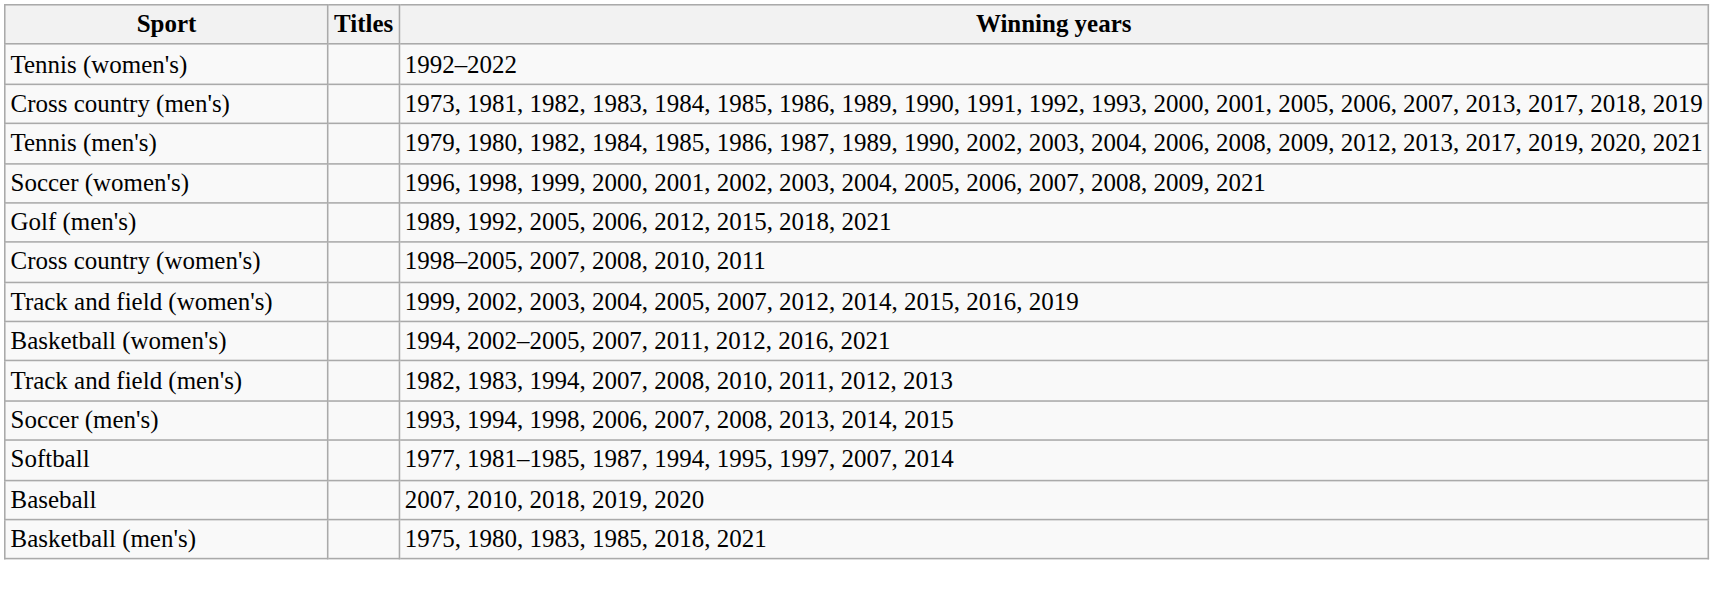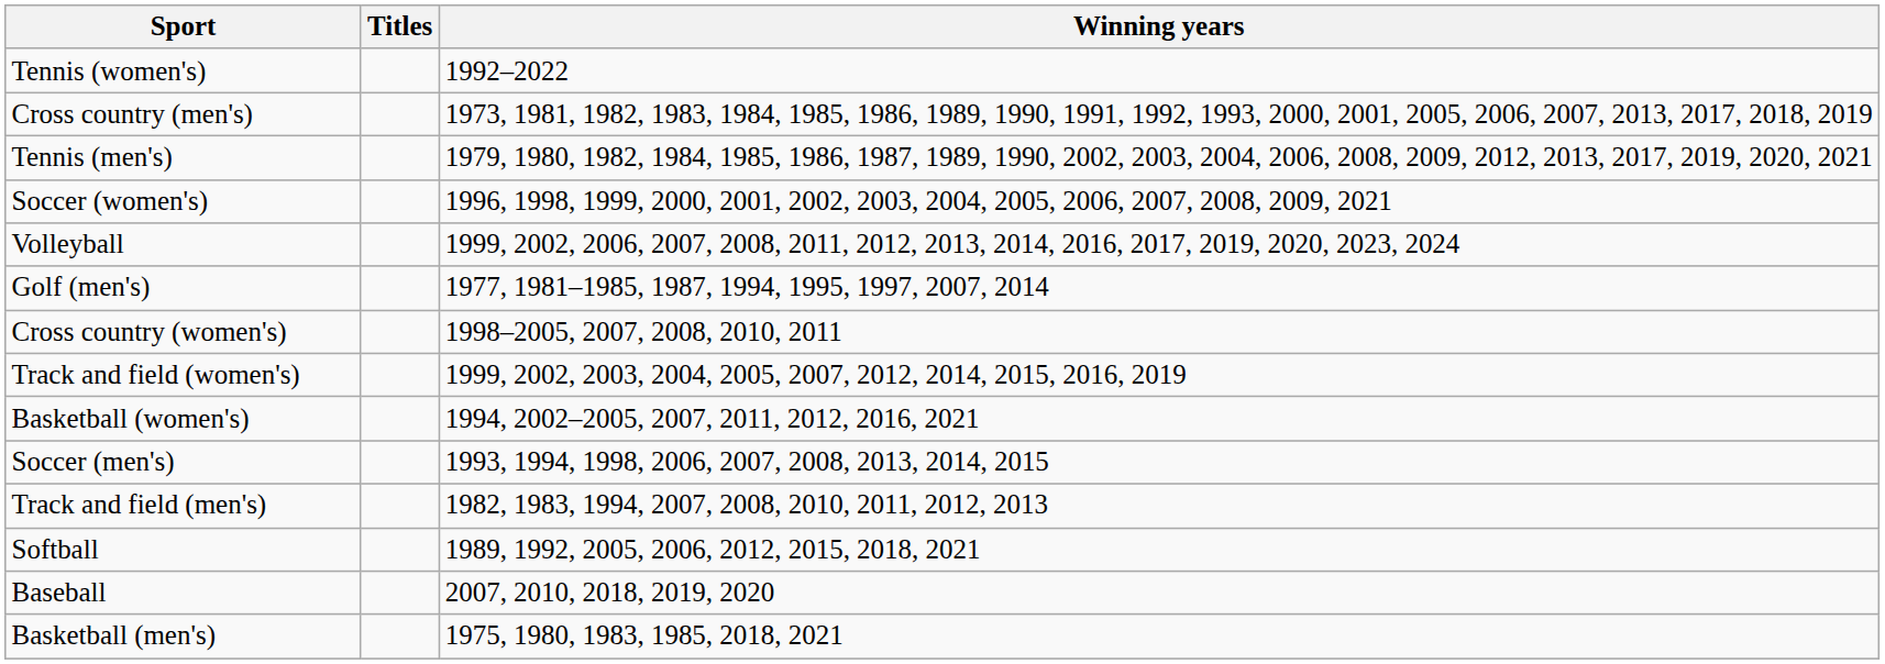 <table class="wikitable"; style= "text-align: ">
 <tr>
 <th width=200px>Sport</th>
 <th width=px>Titles</th>
 <th width=px>Winning years</th>
 </tr>
 <tr>
 <td>Tennis (women's)</td>
 <td></td>
 <td>1992–2022</td>
 </tr>
 <tr>
 <td>Cross country (men's)</td>
 <td></td>
 <td>1973, 1981, 1982, 1983, 1984, 1985, 1986, 1989, 1990, 1991, 1992, 1993, 2000, 2001, 2005, 2006, 2007, 2013, 2017, 2018, 2019</td>
 </tr>
 <tr>
 <td>Tennis (men's)</td>
 <td></td>
 <td>1979, 1980, 1982, 1984, 1985, 1986, 1987, 1989, 1990, 2002, 2003, 2004, 2006, 2008, 2009, 2012, 2013, 2017, 2019, 2020, 2021</td>
 </tr>
 <tr>
 <td>Soccer (women's)</td>
 <td></td>
 <td>1996, 1998, 1999, 2000, 2001, 2002, 2003, 2004, 2005, 2006, 2007, 2008, 2009, 2021</td>
 </tr>
 <tr>
+<td>Volleyball</td>
+<td></td>
+<td>1999, 2002, 2006, 2007, 2008, 2011, 2012, 2013, 2014, 2016, 2017, 2019, 2020, 2023, 2024</td>
+</tr>
+<tr>
 <td>Golf (men's)</td>
 <td></td>
-<td>1989, 1992, 2005, 2006, 2012, 2015, 2018, 2021</td>
+<td>1977, 1981–1985, 1987, 1994, 1995, 1997, 2007, 2014</td>
 </tr>
 <tr>
 <td>Cross country (women's)</td>
 <td></td>
 <td>1998–2005, 2007, 2008, 2010, 2011</td>
 </tr>
 <tr>
 <td>Track and field (women's)</td>
 <td></td>
 <td>1999, 2002, 2003, 2004, 2005, 2007, 2012, 2014, 2015, 2016, 2019</td>
 </tr>
 <tr>
 <td>Basketball (women's)</td>
 <td></td>
 <td>1994, 2002–2005, 2007, 2011, 2012, 2016, 2021</td>
 </tr>
 <tr>
+<td>Soccer (men's)</td>
+<td></td>
+<td>1993, 1994, 1998, 2006, 2007, 2008, 2013, 2014, 2015</td>
+</tr>
+<tr>
 <td>Track and field (men's)</td>
 <td></td>
 <td>1982, 1983, 1994, 2007, 2008, 2010, 2011, 2012, 2013</td>
 </tr>
 <tr>
-<td>Soccer (men's)</td>
-<td></td>
-<td>1993, 1994, 1998, 2006, 2007, 2008, 2013, 2014, 2015</td>
-</tr>
-<tr>
 <td>Softball</td>
 <td></td>
-<td>1977, 1981–1985, 1987, 1994, 1995, 1997, 2007, 2014</td>
+<td>1989, 1992, 2005, 2006, 2012, 2015, 2018, 2021</td>
 </tr>
 <tr>
 <td>Baseball</td>
 <td></td>
 <td>2007, 2010, 2018, 2019, 2020</td>
 </tr>
 <tr>
 <td>Basketball (men's)</td>
 <td></td>
 <td>1975, 1980, 1983, 1985, 2018, 2021</td>
 </tr>
 </table>
